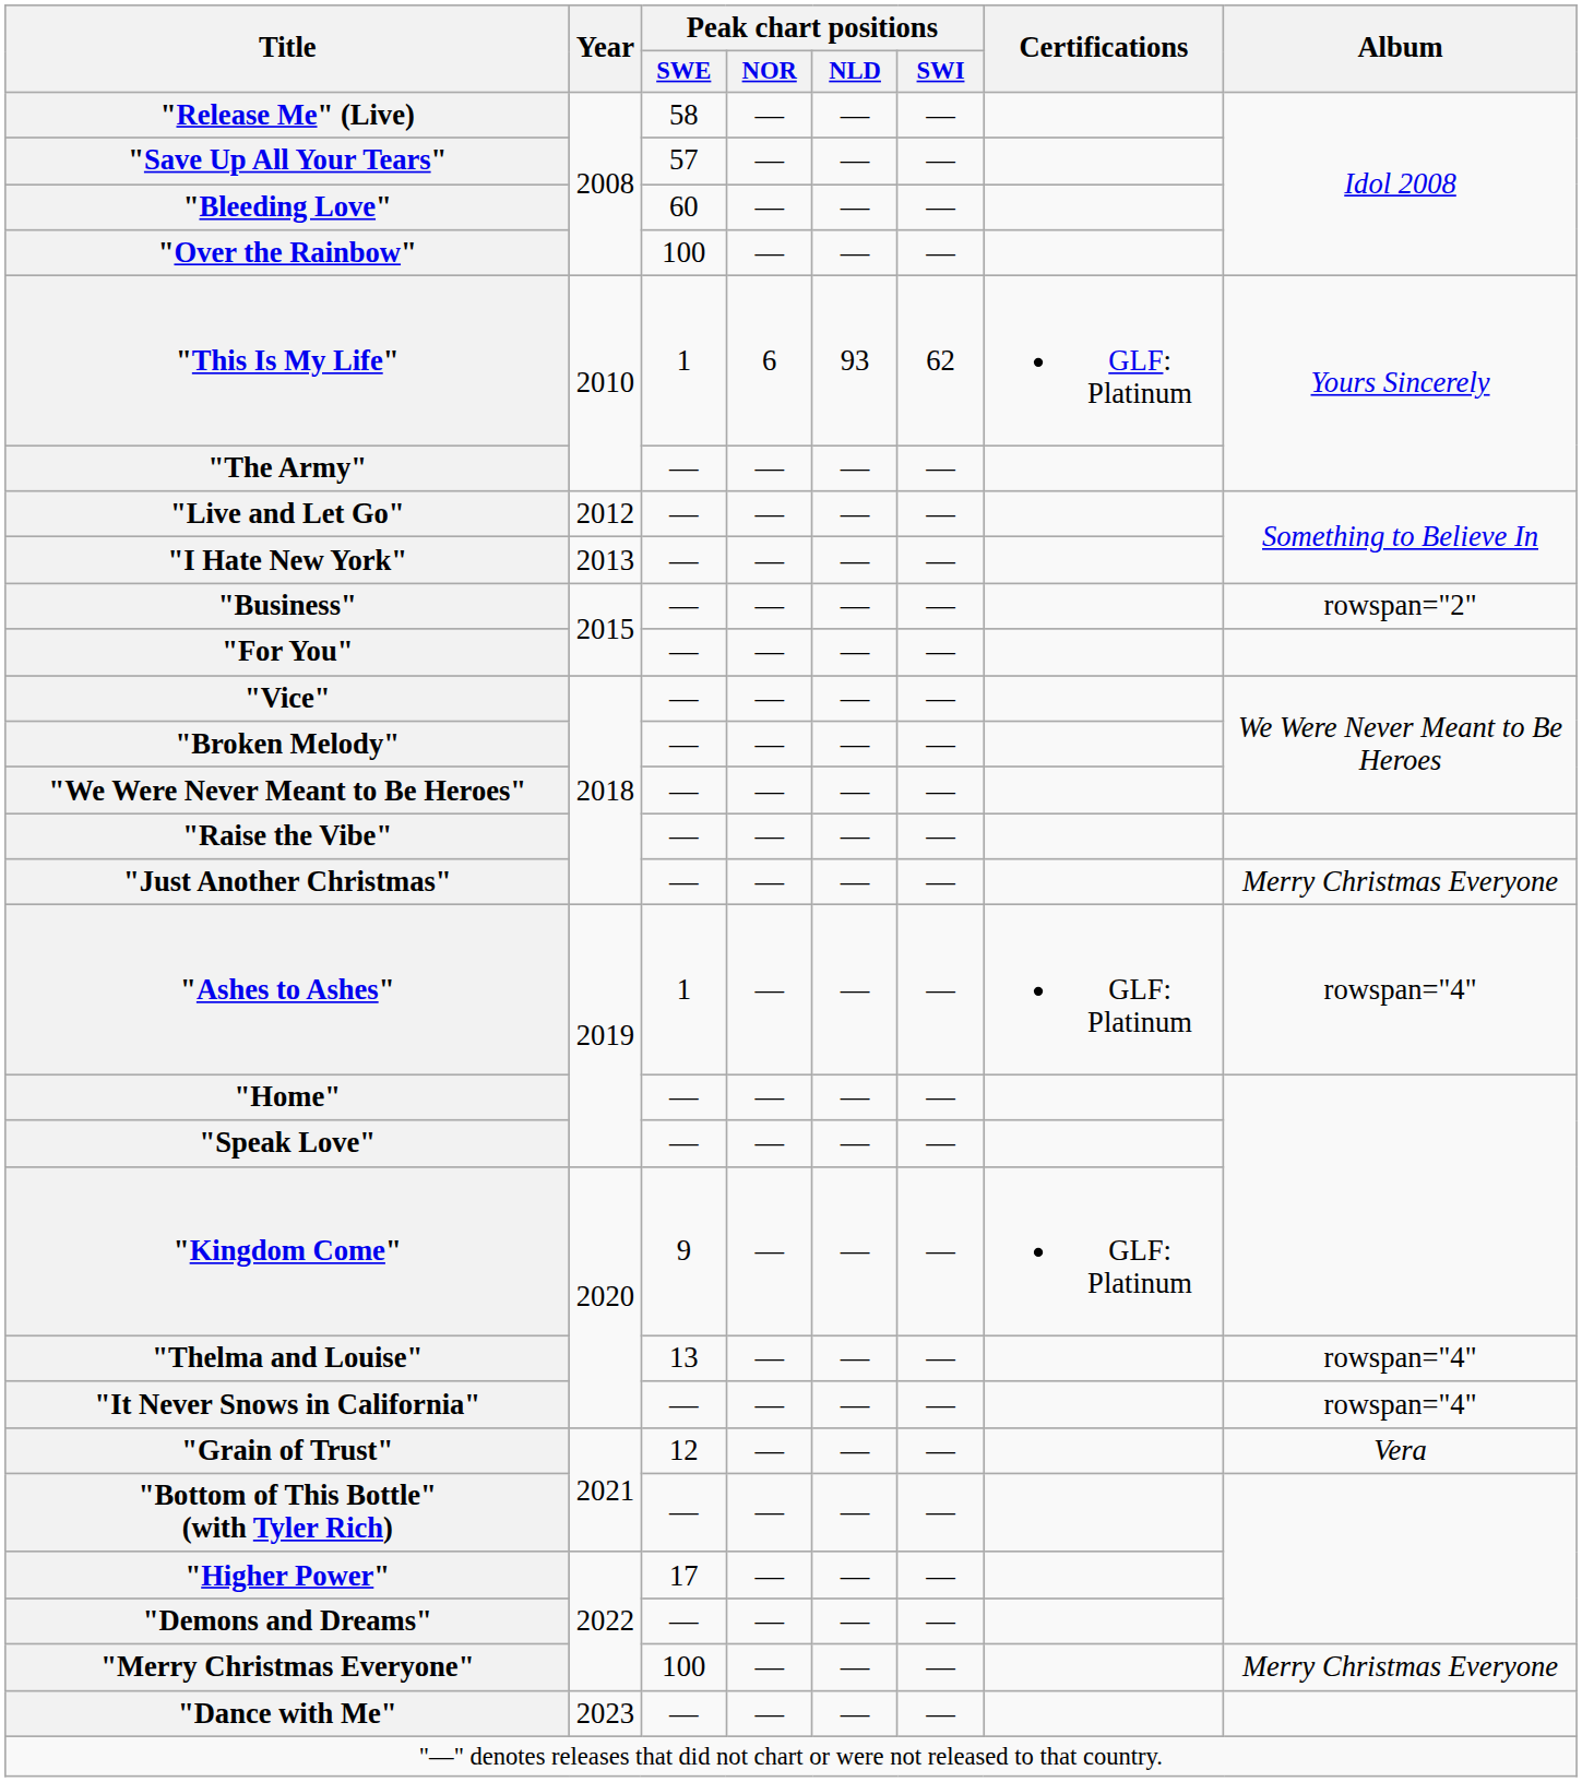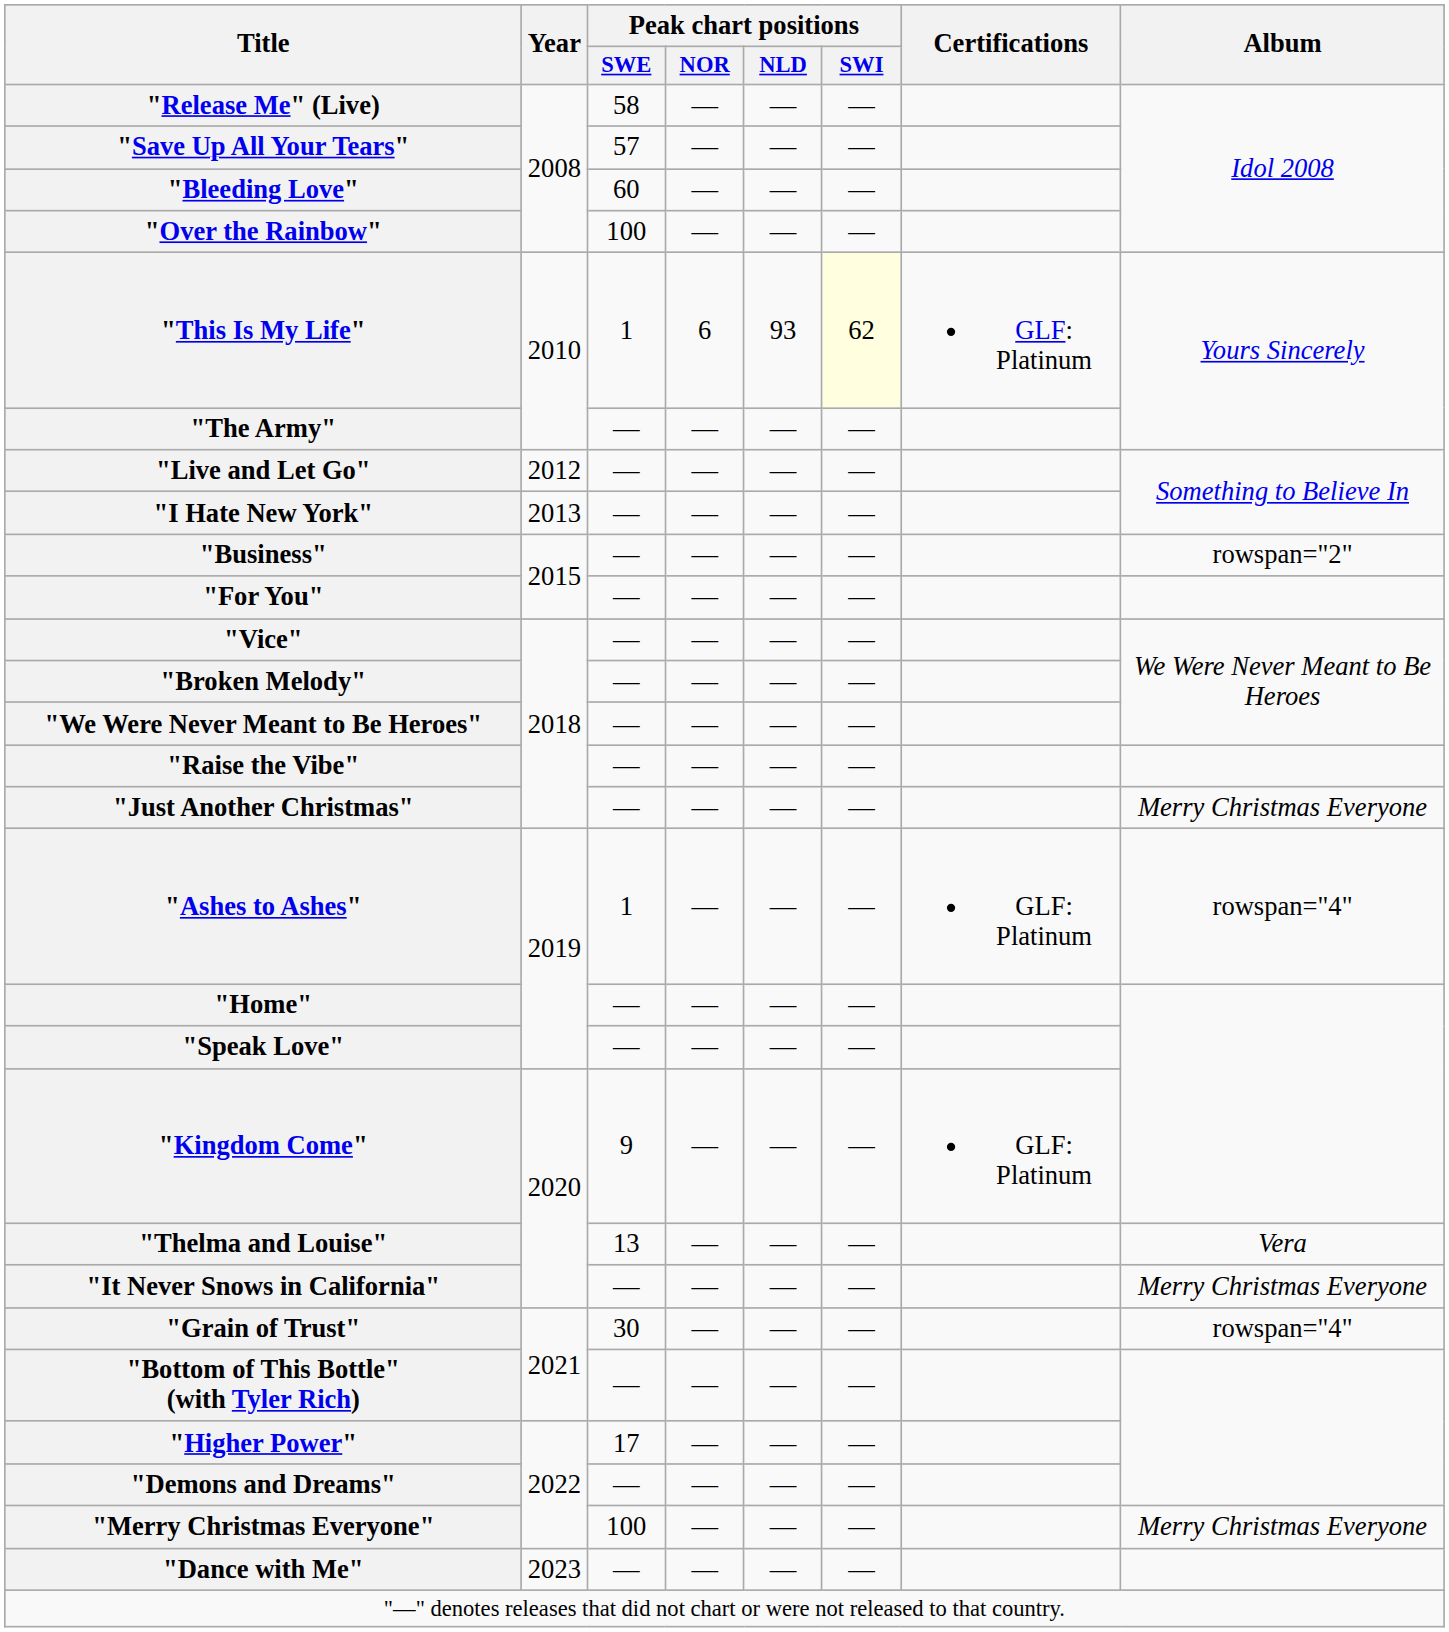 <table class="wikitable plainrowheaders" style="text-align:center;">
 <tr>
 <th scope="col" rowspan="2" style="width:19em;">Title</th>
 <th scope="col" rowspan="2" style="width:1em;">Year</th>
 <th scope="col" colspan="4">Peak chart positions</th>
 <th scope="col" rowspan="2">Certifications</th>
 <th scope="col" rowspan="2">Album</th>
 </tr>
 <tr>
 <th scope="col" style="width:3em;font-size:85%;"><a href='#'>SWE</a><br></th>
 <th scope="col" style="width:3em;font-size:85%;"><a href='#'>NOR</a><br></th>
 <th scope="col" style="width:3em;font-size:85%;"><a href='#'>NLD</a><br></th>
 <th scope="col" style="width:3em;font-size:85%;"><a href='#'>SWI</a><br></th>
 </tr>
 <tr>
 <th scope="row">"<a href='#'>Release Me</a>" (Live)</th>
 <td rowspan="4">2008</td>
 <td>58</td>
 <td>—</td>
 <td>—</td>
 <td>—</td>
 <td></td>
 <td rowspan="4"><em><a href='#'>Idol 2008</a></em></td>
 </tr>
 <tr>
 <th scope="row">"<a href='#'>Save Up All Your Tears</a>"</th>
 <td>57</td>
 <td>—</td>
 <td>—</td>
 <td>—</td>
 <td></td>
 </tr>
 <tr>
 <th scope="row">"<a href='#'>Bleeding Love</a>"</th>
 <td>60</td>
 <td>—</td>
 <td>—</td>
 <td>—</td>
 <td></td>
 </tr>
 <tr>
 <th scope="row">"<a href='#'>Over the Rainbow</a>"</th>
 <td>100<br></td>
 <td>—</td>
 <td>—</td>
 <td>—</td>
 <td></td>
 </tr>
 <tr>
 <th scope="row">"<a href='#'>This Is My Life</a>"</th>
 <td rowspan="2">2010</td>
 <td>1</td>
 <td>6</td>
 <td>93</td>
-<td>62</td>
+<td style="background: lightyellow;">62</td>
 <td><br><ul><li><a href='#'>GLF</a>: Platinum</li></ul></td>
 <td rowspan="2"><em><a href='#'>Yours Sincerely</a></em></td>
 </tr>
 <tr>
 <th scope="row">"The Army"</th>
 <td>—</td>
 <td>—</td>
 <td>—</td>
 <td>—</td>
 <td></td>
 </tr>
 <tr>
 <th scope="row">"Live and Let Go"</th>
 <td>2012</td>
 <td>—</td>
 <td>—</td>
 <td>—</td>
 <td>—</td>
 <td></td>
 <td rowspan="2"><em><a href='#'>Something to Believe In</a></em></td>
 </tr>
 <tr>
 <th scope="row">"I Hate New York"</th>
 <td>2013</td>
 <td>—</td>
 <td>—</td>
 <td>—</td>
 <td>—</td>
 <td></td>
 </tr>
 <tr>
 <th scope="row">"Business"</th>
 <td rowspan="2">2015</td>
 <td>—</td>
 <td>—</td>
 <td>—</td>
 <td>—</td>
 <td></td>
 <td>rowspan="2" </td>
 </tr>
 <tr>
 <th scope="row">"For You"</th>
 <td>—</td>
 <td>—</td>
 <td>—</td>
 <td>—</td>
 <td></td>
 </tr>
 <tr>
 <th scope="row">"Vice"</th>
 <td rowspan="5">2018</td>
 <td>—</td>
 <td>—</td>
 <td>—</td>
 <td>—</td>
 <td></td>
 <td rowspan="3"><em>We Were Never Meant to Be Heroes</em></td>
 </tr>
 <tr>
 <th scope="row">"Broken Melody"</th>
 <td>—</td>
 <td>—</td>
 <td>—</td>
 <td>—</td>
 <td></td>
 </tr>
 <tr>
 <th scope="row">"We Were Never Meant to Be Heroes"</th>
 <td>—</td>
 <td>—</td>
 <td>—</td>
 <td>—</td>
 <td></td>
 </tr>
 <tr>
 <th scope="row">"Raise the Vibe"</th>
 <td>—</td>
 <td>—</td>
 <td>—</td>
 <td>—</td>
 <td></td>
 <td></td>
 </tr>
 <tr>
 <th scope="row">"Just Another Christmas"</th>
 <td>—</td>
 <td>—</td>
 <td>—</td>
 <td>—</td>
 <td></td>
 <td><em>Merry Christmas Everyone</em></td>
 </tr>
 <tr>
 <th scope="row">"<a href='#'>Ashes to Ashes</a>"</th>
 <td rowspan="3">2019</td>
 <td>1</td>
 <td>—</td>
 <td>—</td>
 <td>—</td>
 <td><br><ul><li>GLF: Platinum</li></ul></td>
 <td>rowspan="4" </td>
 </tr>
 <tr>
 <th scope="row">"Home"</th>
 <td>—</td>
 <td>—</td>
 <td>—</td>
 <td>—</td>
 <td></td>
 </tr>
 <tr>
 <th scope="row">"Speak Love"</th>
 <td>—</td>
 <td>—</td>
 <td>—</td>
 <td>—</td>
 <td></td>
 </tr>
 <tr>
 <th scope="row">"<a href='#'>Kingdom Come</a>"</th>
 <td rowspan="3">2020</td>
 <td>9</td>
 <td>—</td>
 <td>—</td>
 <td>—</td>
 <td><br><ul><li>GLF: Platinum</li></ul></td>
 </tr>
 <tr>
 <th scope="row">"Thelma and Louise"</th>
 <td>13</td>
 <td>—</td>
 <td>—</td>
 <td>—</td>
 <td></td>
-<td>rowspan="4" </td>
+<td><em>Vera</em></td>
 </tr>
 <tr>
 <th scope="row">"It Never Snows in California"</th>
 <td>—</td>
 <td>—</td>
 <td>—</td>
 <td>—</td>
 <td></td>
-<td>rowspan="4" </td>
+<td><em>Merry Christmas Everyone</em></td>
 </tr>
 <tr>
 <th scope="row">"Grain of Trust"</th>
 <td rowspan="2">2021</td>
-<td>12</td>
+<td>30</td>
 <td>—</td>
 <td>—</td>
 <td>—</td>
 <td></td>
-<td><em>Vera</em></td>
+<td>rowspan="4" </td>
 </tr>
 <tr>
 <th scope="row">"Bottom of This Bottle"<br><span>(with <a href='#'>Tyler Rich</a>)</span></th>
 <td>—</td>
 <td>—</td>
 <td>—</td>
 <td>—</td>
 <td></td>
 </tr>
 <tr>
 <th scope="row">"<a href='#'>Higher Power</a>"</th>
 <td rowspan="3">2022</td>
 <td>17</td>
 <td>—</td>
 <td>—</td>
 <td>—</td>
 <td></td>
 </tr>
 <tr>
 <th scope="row">"Demons and Dreams"</th>
 <td>—</td>
 <td>—</td>
 <td>—</td>
 <td>—</td>
 <td></td>
 </tr>
 <tr>
 <th scope="row">"Merry Christmas Everyone"</th>
 <td>100<br></td>
 <td>—</td>
 <td>—</td>
 <td>—</td>
 <td></td>
 <td><em>Merry Christmas Everyone</em></td>
 </tr>
 <tr>
 <th scope="row">"Dance with Me"</th>
 <td>2023</td>
 <td>—</td>
 <td>—</td>
 <td>—</td>
 <td>—</td>
 <td></td>
 <td></td>
 </tr>
 <tr>
 <td colspan="20" style="font-size:85%">"—" denotes releases that did not chart or were not released to that country.</td>
 </tr>
 </table>
